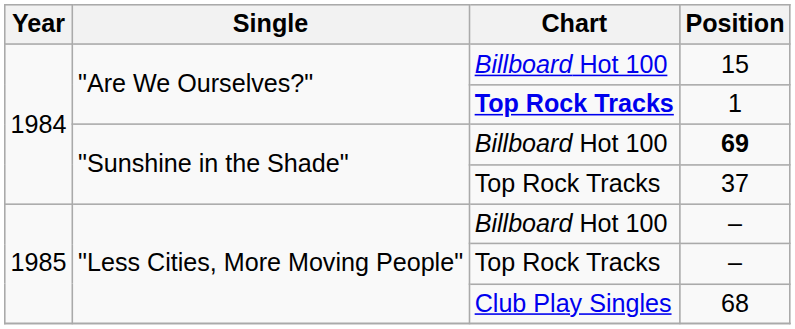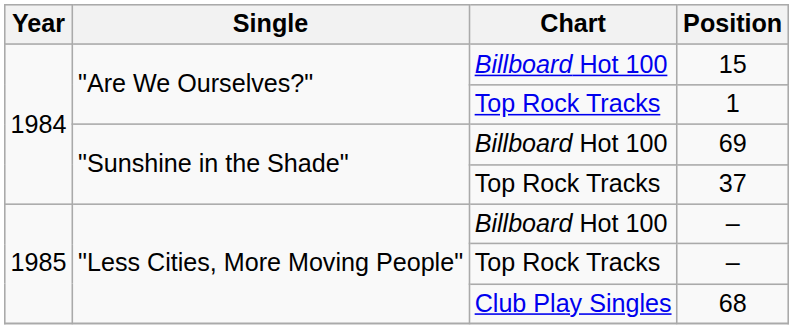 <table class="wikitable">
 <tr>
 <th>Year</th>
 <th>Single</th>
 <th>Chart</th>
 <th>Position</th>
 </tr>
 <tr>
 <td rowspan="4">1984</td>
 <td rowspan="2">"Are We Ourselves?"</td>
 <td><a href='#'><em>Billboard</em> Hot 100</a></td>
 <td align="center">15</td>
 </tr>
 <tr>
-<td><strong><a href='#'>Top Rock Tracks</a></strong></td>
+<td><a href='#'>Top Rock Tracks</a></td>
 <td align="center">1</td>
 </tr>
 <tr>
 <td rowspan="2">"Sunshine in the Shade"</td>
 <td><em>Billboard</em> Hot 100</td>
-<td align="center"><strong>69</strong></td>
+<td align="center">69</td>
 </tr>
 <tr>
 <td>Top Rock Tracks</td>
 <td align="center">37</td>
 </tr>
 <tr>
 <td rowspan="3">1985</td>
 <td rowspan="3">"Less Cities, More Moving People"</td>
 <td><em>Billboard</em> Hot 100</td>
 <td align="center">–</td>
 </tr>
 <tr>
 <td>Top Rock Tracks</td>
 <td align="center">–</td>
 </tr>
 <tr>
 <td><a href='#'>Club Play Singles</a></td>
 <td align="center">68</td>
 </tr>
 <tr>
 </tr>
 </table>
